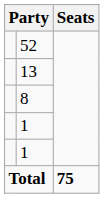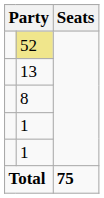 <table class="wikitable">
 <tr>
 <th colspan=2>Party</th>
 <th>Seats</th>
 </tr>
 <tr>
 <td></td>
-<td>52</td>
+<td style="background: khaki;">52</td>
 </tr>
 <tr>
 <td></td>
 <td>13</td>
 </tr>
 <tr>
 <td></td>
 <td>8</td>
 </tr>
 <tr>
 <td></td>
 <td>1</td>
 </tr>
 <tr>
 <td></td>
 <td>1</td>
 </tr>
 <tr>
 <td colspan="2"><strong>Total</strong></td>
 <td><strong>75</strong></td>
 </tr>
 </table>
